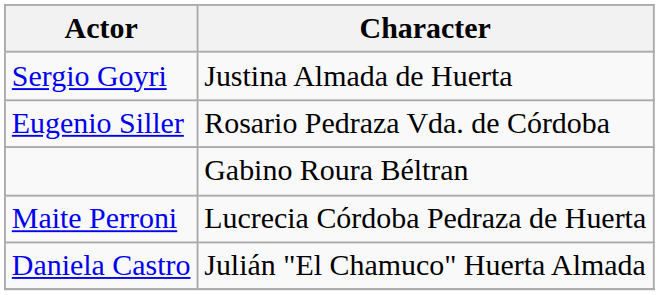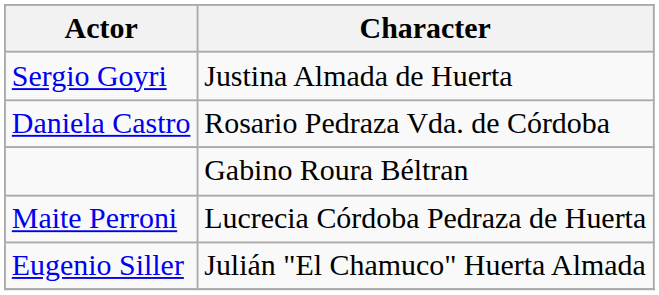 <table class="wikitable">
 <tr>
 <th>Actor</th>
 <th>Character</th>
 </tr>
 <tr>
 <td><a href='#'>Sergio Goyri</a></td>
 <td>Justina Almada de Huerta</td>
 </tr>
 <tr>
-<td><a href='#'>Eugenio Siller</a></td>
+<td><a href='#'>Daniela Castro</a></td>
 <td>Rosario Pedraza Vda. de Córdoba</td>
 </tr>
 <tr>
 <td></td>
 <td>Gabino Roura Béltran</td>
 </tr>
 <tr>
 <td><a href='#'>Maite Perroni</a></td>
 <td>Lucrecia Córdoba Pedraza de Huerta</td>
 </tr>
 <tr>
-<td><a href='#'>Daniela Castro</a></td>
+<td><a href='#'>Eugenio Siller</a></td>
 <td>Julián "El Chamuco" Huerta Almada</td>
 </tr>
 <tr>
 </tr>
 </table>
